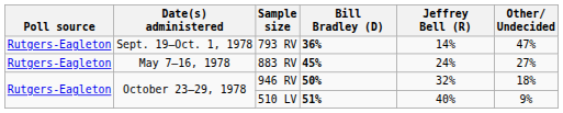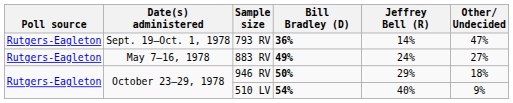 <table class="wikitable" style="font-size:90%">
 <tr valign=bottom>
 <th>Poll source</th>
 <th>Date(s)<br>administered</th>
 <th>Sample<br>size</th>
 <th style="width:100px;">Bill<br>Bradley (D)</th>
 <th style="width:100px;">Jeffrey<br>Bell (R)</th>
 <th>Other/<br>Undecided</th>
 </tr>
 <tr>
 <td><a href='#'>Rutgers-Eagleton</a></td>
 <td align=center>Sept. 19–Oct. 1, 1978</td>
 <td align=center>793 RV</td>
 <td><strong>36%</strong></td>
 <td align=center>14%</td>
 <td align=center>47%</td>
 </tr>
 <tr>
 <td><a href='#'>Rutgers-Eagleton</a></td>
 <td align=center>May 7–16, 1978</td>
 <td align=center>883 RV</td>
-<td><strong>45%</strong></td>
+<td><strong>49%</strong></td>
 <td align=center>24%</td>
 <td align=center>27%</td>
 </tr>
 <tr>
 <td rowspan="2"><a href='#'>Rutgers-Eagleton</a></td>
 <td rowspan="2" align=center>October 23–29, 1978</td>
 <td align=center>946 RV</td>
 <td><strong>50%</strong></td>
-<td align=center>32%</td>
+<td align=center>29%</td>
 <td align=center>18%</td>
 </tr>
 <tr>
 <td align=center>510 LV</td>
-<td><strong>51%</strong></td>
+<td><strong>54%</strong></td>
 <td align=center>40%</td>
 <td align=center>9%</td>
 </tr>
 </table>
